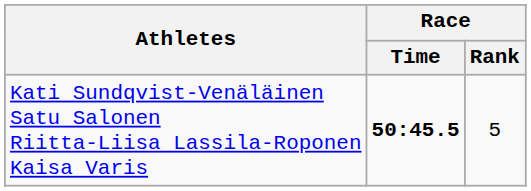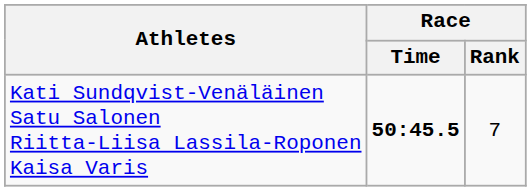 <table class="wikitable" border="1" style="font-size:90%">
 <tr>
 <th rowspan=2>Athletes</th>
 <th colspan=2>Race</th>
 </tr>
 <tr>
 <th>Time</th>
 <th>Rank</th>
 </tr>
 <tr>
 <td><a href='#'>Kati Sundqvist-Venäläinen</a><br><a href='#'>Satu Salonen</a><br><a href='#'>Riitta-Liisa Lassila-Roponen</a><br><a href='#'>Kaisa Varis</a></td>
 <td align=center><strong>50:45.5</strong></td>
-<td align=center>5</td>
+<td align=center>7</td>
 </tr>
 </table>
